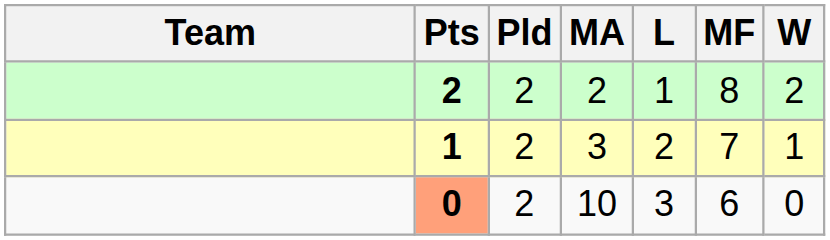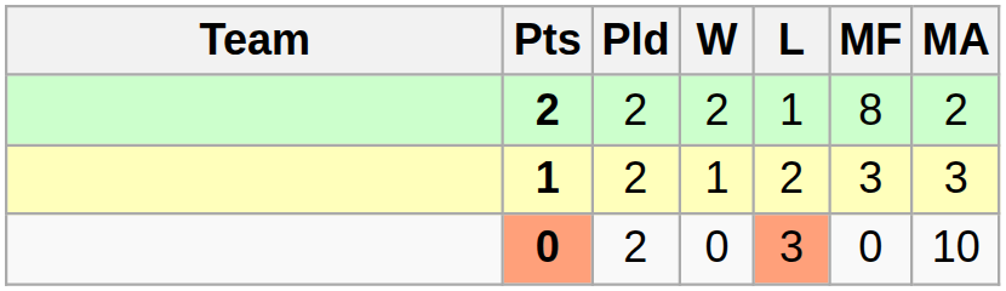 <table class=wikitable style="text-align:center">
 <tr>
 <th width=175>Team</th>
 <th width=20>Pts</th>
 <th width=20>Pld</th>
-<th width=20>MA</th>
+<th width=20>W</th>
 <th width=20>L</th>
 <th width=20>MF</th>
-<th width=20>W</th>
+<th width=20>MA</th>
 </tr>
 <tr bgcolor=#ccffcc>
 <td style="text-align:left"></td>
 <td><strong>2</strong></td>
 <td>2</td>
 <td>2</td>
 <td>1</td>
 <td>8</td>
 <td>2</td>
 </tr>
 <tr bgcolor=#ffffbb>
 <td style="text-align:left"></td>
 <td><strong>1</strong></td>
 <td>2</td>
+<td>1</td>
+<td>2</td>
 <td>3</td>
-<td>2</td>
-<td>7</td>
-<td>1</td>
+<td>3</td>
 </tr>
 <tr>
 <td style="text-align:left"></td>
 <td style="background: lightsalmon;"><strong>0</strong></td>
 <td>2</td>
+<td>0</td>
+<td style="background: lightsalmon;">3</td>
+<td>0</td>
 <td>10</td>
-<td>3</td>
-<td>6</td>
-<td>0</td>
 </tr>
 </table>
